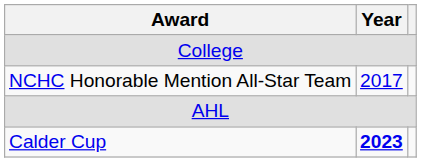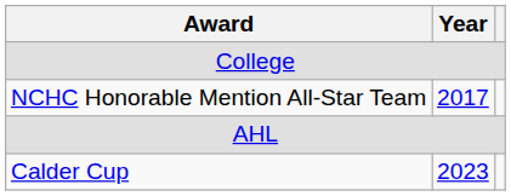 <table class="wikitable">
 <tr>
 <th>Award</th>
 <th>Year</th>
 <th></th>
 </tr>
 <tr ALIGN="center" bgcolor="#e0e0e0">
 <td colspan="3"><a href='#'>College</a></td>
 </tr>
 <tr>
 <td><a href='#'>NCHC</a> Honorable Mention All-Star Team</td>
 <td><a href='#'>2017</a></td>
 <td></td>
 </tr>
 <tr ALIGN="center" bgcolor="#e0e0e0">
 <td colspan="4"><a href='#'>AHL</a></td>
 </tr>
 <tr>
 <td><a href='#'>Calder Cup</a></td>
-<td><strong><a href='#'>2023</a></strong></td>
+<td><a href='#'>2023</a></td>
 <td></td>
 </tr>
 </table>
